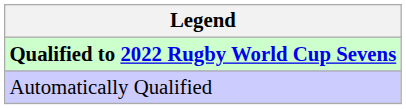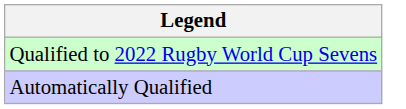 <table class="wikitable">
 <tr>
 <th>Legend</th>
 </tr>
 <tr bgcolor="ccffcc">
-<td><strong>Qualified to <a href='#'>2022 Rugby World Cup Sevens</a></strong></td>
+<td>Qualified to <a href='#'>2022 Rugby World Cup Sevens</a></td>
 </tr>
 <tr bgcolor="ccccff">
 <td>Automatically Qualified</td>
 </tr>
 </table>
